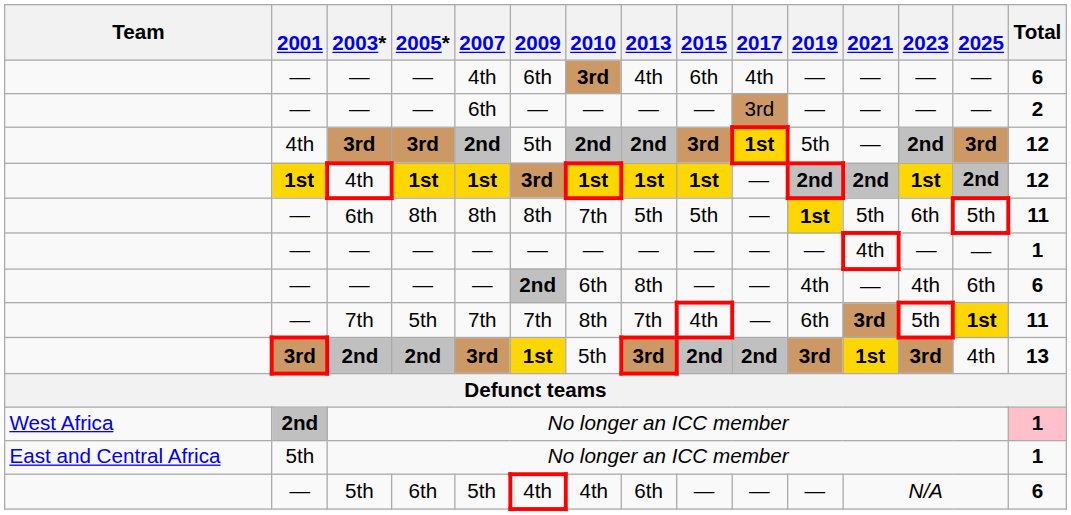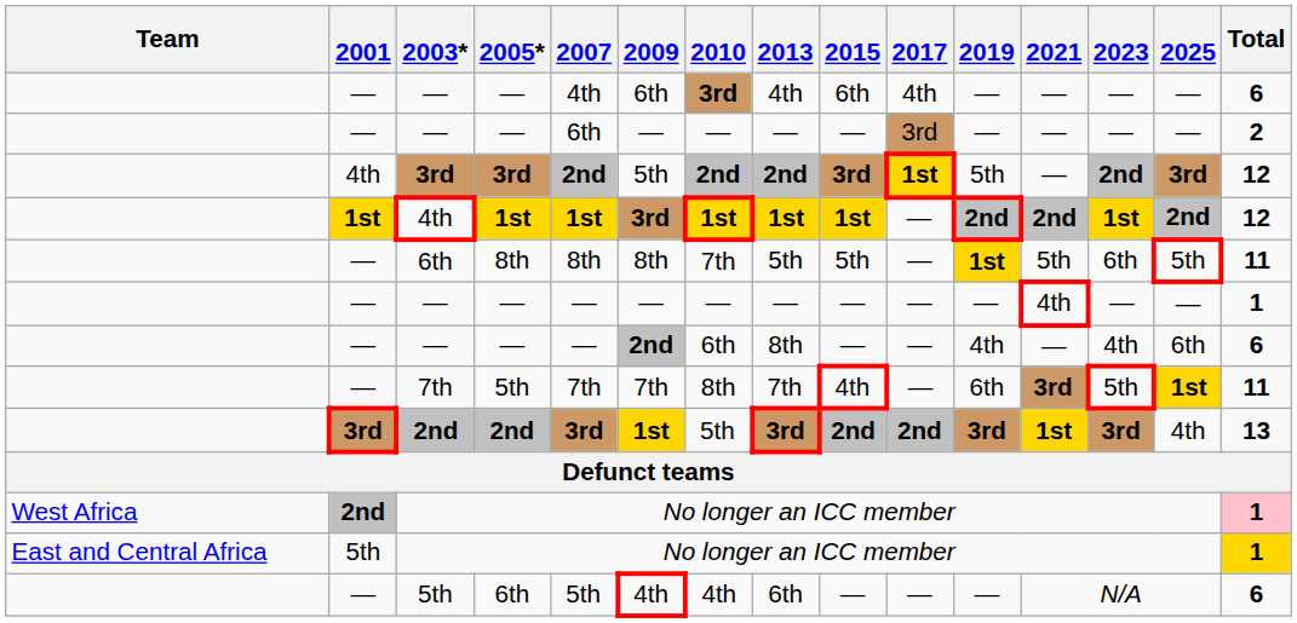 <table class="wikitable" style="text-align:center; font-size:100%">
 <tr>
 <th width=200>Team</th>
 <th><br><a href='#'>2001</a></th>
 <th><br><a href='#'>2003</a>*</th>
 <th><br><a href='#'>2005</a>*</th>
 <th><br><a href='#'>2007</a></th>
 <th><br><a href='#'>2009</a></th>
 <th><br><a href='#'>2010</a></th>
 <th><br><a href='#'>2013</a></th>
 <th><br><a href='#'>2015</a></th>
 <th><br><a href='#'>2017</a></th>
 <th><br><a href='#'>2019</a></th>
 <th><br><a href='#'>2021</a></th>
 <th><br><a href='#'>2023</a></th>
 <th><br><a href='#'>2025</a></th>
 <th>Total</th>
 </tr>
 <tr>
 <td align=left></td>
 <td>—</td>
 <td>—</td>
 <td>—</td>
 <td>4th</td>
 <td>6th</td>
 <td bgcolor=#cc9966><strong>3rd</strong></td>
 <td>4th</td>
 <td>6th</td>
 <td>4th</td>
 <td>―</td>
 <td>―</td>
 <td>―</td>
 <td>―</td>
 <td><strong>6</strong></td>
 </tr>
 <tr>
 <td align=left></td>
 <td>—</td>
 <td>—</td>
 <td>—</td>
 <td>6th</td>
 <td>—</td>
 <td>—</td>
 <td>—</td>
 <td>—</td>
 <td bgcolor=#cc9966>3rd</td>
 <td>―</td>
 <td>―</td>
 <td>―</td>
 <td>―</td>
 <td><strong>2</strong></td>
 </tr>
 <tr>
 <td align=left></td>
 <td>4th</td>
 <td bgcolor=#cc9966><strong>3rd</strong></td>
 <td bgcolor=#cc9966><strong>3rd</strong></td>
 <td bgcolor=Silver><strong>2nd</strong></td>
 <td>5th</td>
 <td bgcolor=Silver><strong>2nd</strong></td>
 <td bgcolor=Silver><strong>2nd</strong></td>
 <td bgcolor=#cc9966><strong>3rd</strong></td>
 <td style="border: 3px solid red" bgcolor=Gold><strong>1st</strong></td>
 <td>5th</td>
 <td>―</td>
 <td bgcolor=Silver><strong>2nd</strong></td>
 <td bgcolor=#cc9966><strong>3rd</strong></td>
 <td><strong>12</strong></td>
 </tr>
 <tr>
 <td align=left></td>
 <td bgcolor=Gold><strong>1st</strong></td>
 <td style="border: 3px solid red">4th</td>
 <td bgcolor=Gold><strong>1st</strong></td>
 <td bgcolor=Gold><strong>1st</strong></td>
 <td bgcolor=#cc9966><strong>3rd</strong></td>
 <td style="border: 3px solid red" bgcolor=Gold><strong>1st</strong></td>
 <td bgcolor=Gold><strong>1st</strong></td>
 <td bgcolor=Gold><strong>1st</strong></td>
 <td>―</td>
 <td style="border: 3px solid red" bgcolor=Silver><strong>2nd</strong></td>
 <td bgcolor=Silver><strong>2nd</strong></td>
 <td bgcolor=Gold><strong>1st</strong></td>
 <td bgcolor=Silver><strong>2nd</strong></td>
 <td><strong>12</strong></td>
 </tr>
 <tr>
 <td align=left></td>
 <td>—</td>
 <td>6th</td>
 <td>8th</td>
 <td>8th</td>
 <td>8th</td>
 <td>7th</td>
 <td>5th</td>
 <td>5th</td>
 <td>―</td>
 <td bgcolor=Gold><strong>1st</strong></td>
 <td>5th</td>
 <td>6th</td>
 <td style="border: 3px solid red">5th</td>
 <td><strong>11 </strong></td>
 </tr>
 <tr>
 <td align=left></td>
 <td>—</td>
 <td>—</td>
 <td>—</td>
 <td>—</td>
 <td>—</td>
 <td>—</td>
 <td>—</td>
 <td>—</td>
 <td>―</td>
 <td>—</td>
 <td style="border: 3px solid red">4th</td>
 <td>―</td>
 <td>―</td>
 <td><strong>1</strong></td>
 </tr>
 <tr>
 <td align=left></td>
 <td>—</td>
 <td>—</td>
 <td>—</td>
 <td>—</td>
 <td bgcolor=Silver><strong>2nd</strong></td>
 <td>6th</td>
 <td>8th</td>
 <td>—</td>
 <td>―</td>
 <td>4th</td>
 <td>―</td>
 <td>4th</td>
 <td>6th</td>
 <td><strong>6</strong></td>
 </tr>
 <tr>
 <td align=left></td>
 <td>—</td>
 <td>7th</td>
 <td>5th</td>
 <td>7th</td>
 <td>7th</td>
 <td>8th</td>
 <td>7th</td>
 <td style="border: 3px solid red">4th</td>
 <td>―</td>
 <td>6th</td>
 <td bgcolor=#cc9966><strong>3rd</strong></td>
 <td style="border: 3px solid red">5th</td>
 <td bgcolor=Gold><strong>1st</strong></td>
 <td><strong>11</strong></td>
 </tr>
 <tr>
 <td align=left></td>
 <td style="border: 3px solid red" bgcolor=#cc9966><strong>3rd</strong></td>
 <td bgcolor=Silver><strong>2nd</strong></td>
 <td bgcolor=Silver><strong>2nd</strong></td>
 <td bgcolor=#cc9966><strong>3rd</strong></td>
 <td bgcolor=Gold><strong>1st</strong></td>
 <td>5th</td>
 <td style="border: 3px solid red" bgcolor=#cc9966><strong>3rd</strong></td>
 <td bgcolor=Silver><strong>2nd</strong></td>
 <td bgcolor=Silver><strong>2nd</strong></td>
 <td bgcolor=#cc9966><strong>3rd</strong></td>
 <td bgcolor=Gold><strong>1st</strong></td>
 <td bgcolor=#cc9966><strong>3rd</strong></td>
 <td>4th</td>
 <td><strong>13</strong></td>
 </tr>
 <tr>
 <th colspan=15>Defunct teams</th>
 </tr>
 <tr>
 <td align=left> <a href='#'>West Africa</a></td>
 <td bgcolor=Silver><strong>2nd</strong></td>
 <td colspan="12"><em>No longer an ICC member</em></td>
 <td style="background: pink;"><strong>1</strong></td>
 </tr>
 <tr>
 <td align=left> <a href='#'>East and Central Africa</a></td>
 <td>5th</td>
 <td colspan="12"><em>No longer an ICC member</em></td>
-<td><strong>1</strong></td>
+<td style="background: gold;"><strong>1</strong></td>
 </tr>
 <tr>
 <td align=left></td>
 <td>—</td>
 <td>5th</td>
 <td>6th</td>
 <td>5th</td>
 <td style="border: 3px solid red">4th</td>
 <td>4th</td>
 <td>6th</td>
 <td>—</td>
 <td>―</td>
 <td>―</td>
 <td colspan="3"><em>N/A</em></td>
 <td><strong>6</strong></td>
 </tr>
 </table>
